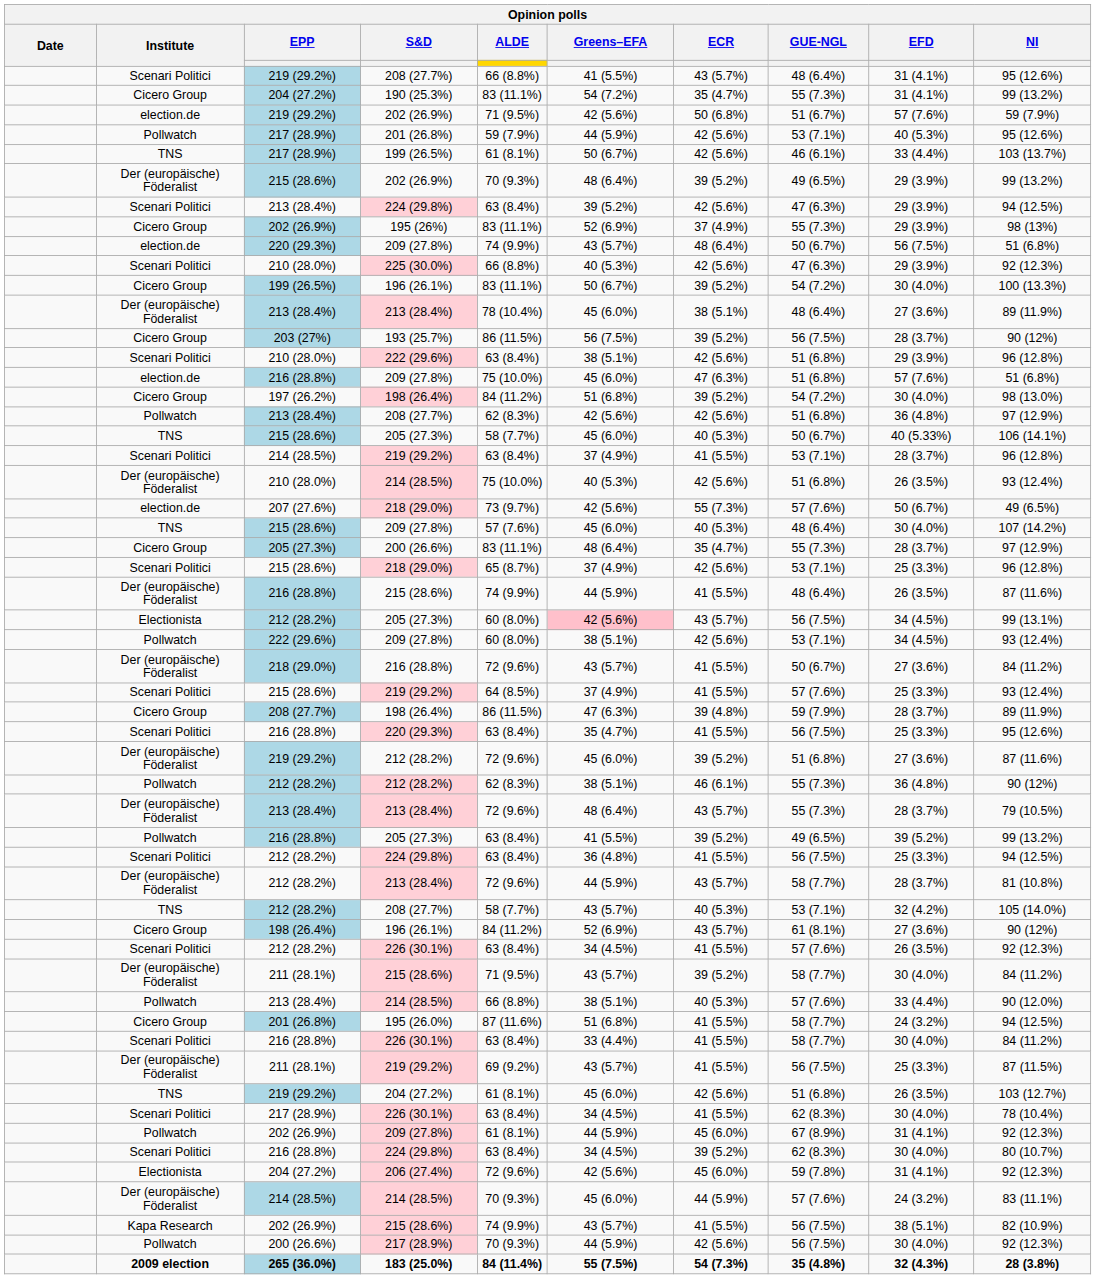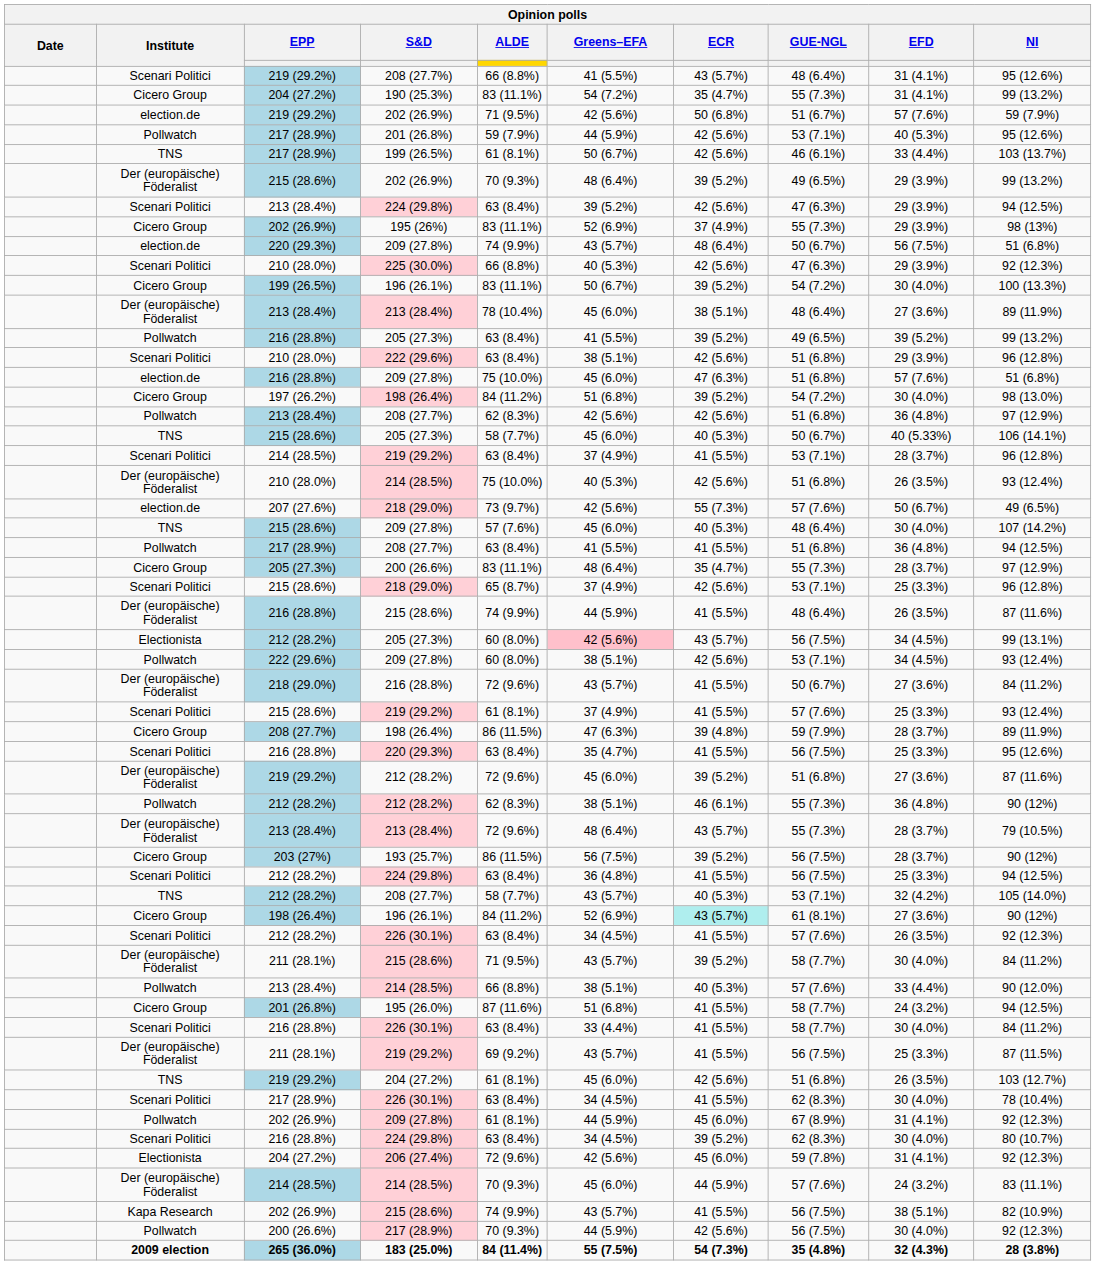 <table class="wikitable sortable collapsible collapsed" style="text-align:center; font-size:90%; line-height:16px; width:100%">
 <tr>
 <th colspan="10">Opinion polls</th>
 </tr>
 <tr style="height:42px; background:#e9e9e9;">
 <th style="width:100px;" rowspan="2">Date</th>
 <th style="width:165px;" rowspan="2">Institute</th>
 <th><a href='#'><span>EPP</span></a></th>
 <th><a href='#'><span>S&D</span></a></th>
 <th><a href='#'><span>ALDE</span></a></th>
 <th><a href='#'><span>Greens–EFA</span></a></th>
 <th><a href='#'><span>ECR</span></a></th>
 <th><a href='#'><span>GUE-NGL</span></a></th>
 <th><a href='#'><span>EFD</span></a></th>
 <th><a href='#'><span>NI</span></a></th>
 </tr>
 <tr>
 <th style="background:"></th>
 <th style="background:"></th>
 <th style="background:gold; width:75px;"></th>
 <th style="background:"></th>
 <th style="background:"></th>
 <th style="background:"></th>
 <th style="background:"></th>
 <th style="background:"></th>
 </tr>
 <tr>
 <td></td>
 <td>Scenari Politici</td>
 <td style="background:lightblue;">219 (29.2%)</td>
 <td>208 (27.7%)</td>
 <td>66 (8.8%)</td>
 <td>41 (5.5%)</td>
 <td>43 (5.7%)</td>
 <td>48 (6.4%)</td>
 <td>31 (4.1%)</td>
 <td>95 (12.6%)</td>
 </tr>
 <tr>
 <td></td>
 <td>Cicero Group</td>
 <td style="background:lightblue;">204 (27.2%)</td>
 <td>190 (25.3%)</td>
 <td>83 (11.1%)</td>
 <td>54 (7.2%)</td>
 <td>35 (4.7%)</td>
 <td>55 (7.3%)</td>
 <td>31 (4.1%)</td>
 <td>99 (13.2%)</td>
 </tr>
 <tr>
 <td></td>
 <td>election.de</td>
 <td style="background:lightblue;">219 (29.2%)</td>
 <td>202 (26.9%)</td>
 <td>71 (9.5%)</td>
 <td>42 (5.6%)</td>
 <td>50 (6.8%)</td>
 <td>51 (6.7%)</td>
 <td>57 (7.6%)</td>
 <td>59 (7.9%)</td>
 </tr>
 <tr>
 <td></td>
 <td>Pollwatch</td>
 <td style="background:lightblue;">217 (28.9%)</td>
 <td>201 (26.8%)</td>
 <td>59 (7.9%)</td>
 <td>44 (5.9%)</td>
 <td>42 (5.6%)</td>
 <td>53 (7.1%)</td>
 <td>40 (5.3%)</td>
 <td>95 (12.6%)</td>
 </tr>
 <tr>
 <td></td>
 <td>TNS</td>
 <td style="background:lightblue;">217 (28.9%)</td>
 <td>199 (26.5%)</td>
 <td>61 (8.1%)</td>
 <td>50 (6.7%)</td>
 <td>42 (5.6%)</td>
 <td>46 (6.1%)</td>
 <td>33 (4.4%)</td>
 <td>103 (13.7%)</td>
 </tr>
 <tr>
 <td></td>
 <td>Der (europäische) Föderalist</td>
 <td style="background:lightblue;">215 (28.6%)</td>
 <td>202 (26.9%)</td>
 <td>70 (9.3%)</td>
 <td>48 (6.4%)</td>
 <td>39 (5.2%)</td>
 <td>49 (6.5%)</td>
 <td>29 (3.9%)</td>
 <td>99 (13.2%)</td>
 </tr>
 <tr>
 <td></td>
 <td>Scenari Politici</td>
 <td>213 (28.4%)</td>
 <td style="background:#ffd0d7;">224 (29.8%)</td>
 <td>63 (8.4%)</td>
 <td>39 (5.2%)</td>
 <td>42 (5.6%)</td>
 <td>47 (6.3%)</td>
 <td>29 (3.9%)</td>
 <td>94 (12.5%)</td>
 </tr>
 <tr>
 <td></td>
 <td>Cicero Group</td>
 <td style="background:lightblue;">202 (26.9%)</td>
 <td>195 (26%)</td>
 <td>83 (11.1%)</td>
 <td>52 (6.9%)</td>
 <td>37 (4.9%)</td>
 <td>55 (7.3%)</td>
 <td>29 (3.9%)</td>
 <td>98 (13%)</td>
 </tr>
 <tr>
 <td></td>
 <td>election.de</td>
 <td style="background:lightblue;">220 (29.3%)</td>
 <td>209 (27.8%)</td>
 <td>74 (9.9%)</td>
 <td>43 (5.7%)</td>
 <td>48 (6.4%)</td>
 <td>50 (6.7%)</td>
 <td>56 (7.5%)</td>
 <td>51 (6.8%)</td>
 </tr>
 <tr>
 <td></td>
 <td>Scenari Politici</td>
 <td>210 (28.0%)</td>
 <td style="background:#ffd0d7;">225 (30.0%)</td>
 <td>66 (8.8%)</td>
 <td>40 (5.3%)</td>
 <td>42 (5.6%)</td>
 <td>47 (6.3%)</td>
 <td>29 (3.9%)</td>
 <td>92 (12.3%)</td>
 </tr>
 <tr>
 <td></td>
 <td>Cicero Group</td>
 <td style="background:lightblue;">199 (26.5%)</td>
 <td>196 (26.1%)</td>
 <td>83 (11.1%)</td>
 <td>50 (6.7%)</td>
 <td>39 (5.2%)</td>
 <td>54 (7.2%)</td>
 <td>30 (4.0%)</td>
 <td>100 (13.3%)</td>
 </tr>
 <tr>
 <td></td>
 <td>Der (europäische) Föderalist</td>
 <td style="background:lightblue;">213 (28.4%)</td>
 <td style="background:#ffd0d7;">213 (28.4%)</td>
 <td>78 (10.4%)</td>
 <td>45 (6.0%)</td>
 <td>38 (5.1%)</td>
 <td>48 (6.4%)</td>
 <td>27 (3.6%)</td>
 <td>89 (11.9%)</td>
 </tr>
 <tr>
 <td></td>
-<td>Cicero Group</td>
-<td style="background:lightblue;">203 (27%)</td>
-<td>193 (25.7%)</td>
-<td>86 (11.5%)</td>
-<td>56 (7.5%)</td>
+<td>Pollwatch</td>
+<td style="background:lightblue;">216 (28.8%)</td>
+<td>205 (27.3%)</td>
+<td>63 (8.4%)</td>
+<td>41 (5.5%)</td>
 <td>39 (5.2%)</td>
-<td>56 (7.5%)</td>
-<td>28 (3.7%)</td>
-<td>90 (12%)</td>
+<td>49 (6.5%)</td>
+<td>39 (5.2%)</td>
+<td>99 (13.2%)</td>
 </tr>
 <tr>
 <td></td>
 <td>Scenari Politici</td>
 <td>210 (28.0%)</td>
 <td style="background:#ffd0d7;">222 (29.6%)</td>
 <td>63 (8.4%)</td>
 <td>38 (5.1%)</td>
 <td>42 (5.6%)</td>
 <td>51 (6.8%)</td>
 <td>29 (3.9%)</td>
 <td>96 (12.8%)</td>
 </tr>
 <tr>
 <td></td>
 <td>election.de</td>
 <td style="background:lightblue;">216 (28.8%)</td>
 <td>209 (27.8%)</td>
 <td>75 (10.0%)</td>
 <td>45 (6.0%)</td>
 <td>47 (6.3%)</td>
 <td>51 (6.8%)</td>
 <td>57 (7.6%)</td>
 <td>51 (6.8%)</td>
 </tr>
 <tr>
 <td></td>
 <td>Cicero Group</td>
 <td>197 (26.2%)</td>
 <td style="background:#ffd0d7;">198 (26.4%)</td>
 <td>84 (11.2%)</td>
 <td>51 (6.8%)</td>
 <td>39 (5.2%)</td>
 <td>54 (7.2%)</td>
 <td>30 (4.0%)</td>
 <td>98 (13.0%)</td>
 </tr>
 <tr>
 <td></td>
 <td>Pollwatch</td>
 <td style="background:lightblue;">213 (28.4%)</td>
 <td>208 (27.7%)</td>
 <td>62 (8.3%)</td>
 <td>42 (5.6%)</td>
 <td>42 (5.6%)</td>
 <td>51 (6.8%)</td>
 <td>36 (4.8%)</td>
 <td>97 (12.9%)</td>
 </tr>
 <tr>
 <td></td>
 <td>TNS</td>
 <td style="background:lightblue;">215 (28.6%)</td>
 <td>205 (27.3%)</td>
 <td>58 (7.7%)</td>
 <td>45 (6.0%)</td>
 <td>40 (5.3%)</td>
 <td>50 (6.7%)</td>
 <td>40 (5.33%)</td>
 <td>106 (14.1%)</td>
 </tr>
 <tr>
 <td></td>
 <td>Scenari Politici</td>
 <td>214 (28.5%)</td>
 <td style="background:#ffd0d7;">219 (29.2%)</td>
 <td>63 (8.4%)</td>
 <td>37 (4.9%)</td>
 <td>41 (5.5%)</td>
 <td>53 (7.1%)</td>
 <td>28 (3.7%)</td>
 <td>96 (12.8%)</td>
 </tr>
 <tr>
 <td></td>
 <td>Der (europäische) Föderalist</td>
 <td>210 (28.0%)</td>
 <td style="background:#ffd0d7;">214 (28.5%)</td>
 <td>75 (10.0%)</td>
 <td>40 (5.3%)</td>
 <td>42 (5.6%)</td>
 <td>51 (6.8%)</td>
 <td>26 (3.5%)</td>
 <td>93 (12.4%)</td>
 </tr>
 <tr>
 <td></td>
 <td>election.de</td>
 <td>207 (27.6%)</td>
 <td style="background:#ffd0d7;">218 (29.0%)</td>
 <td>73 (9.7%)</td>
 <td>42 (5.6%)</td>
 <td>55 (7.3%)</td>
 <td>57 (7.6%)</td>
 <td>50 (6.7%)</td>
 <td>49 (6.5%)</td>
 </tr>
 <tr>
 <td></td>
 <td>TNS</td>
 <td style="background:lightblue;">215 (28.6%)</td>
 <td>209 (27.8%)</td>
 <td>57 (7.6%)</td>
 <td>45 (6.0%)</td>
 <td>40 (5.3%)</td>
 <td>48 (6.4%)</td>
 <td>30 (4.0%)</td>
 <td>107 (14.2%)</td>
 </tr>
 <tr>
 <td></td>
+<td>Pollwatch</td>
+<td style="background:lightblue;">217 (28.9%)</td>
+<td>208 (27.7%)</td>
+<td>63 (8.4%)</td>
+<td>41 (5.5%)</td>
+<td>41 (5.5%)</td>
+<td>51 (6.8%)</td>
+<td>36 (4.8%)</td>
+<td>94 (12.5%)</td>
+</tr>
+<tr>
+<td></td>
 <td>Cicero Group</td>
 <td style="background:lightblue;">205 (27.3%)</td>
 <td>200 (26.6%)</td>
 <td>83 (11.1%)</td>
 <td>48 (6.4%)</td>
 <td>35 (4.7%)</td>
 <td>55 (7.3%)</td>
 <td>28 (3.7%)</td>
 <td>97 (12.9%)</td>
 </tr>
 <tr>
 <td></td>
 <td>Scenari Politici</td>
 <td>215 (28.6%)</td>
 <td style="background:#ffd0d7;">218 (29.0%)</td>
 <td>65 (8.7%)</td>
 <td>37 (4.9%)</td>
 <td>42 (5.6%)</td>
 <td>53 (7.1%)</td>
 <td>25 (3.3%)</td>
 <td>96 (12.8%)</td>
 </tr>
 <tr>
 <td></td>
 <td>Der (europäische) Föderalist</td>
 <td style="background:lightblue;">216 (28.8%)</td>
 <td>215 (28.6%)</td>
 <td>74 (9.9%)</td>
 <td>44 (5.9%)</td>
 <td>41 (5.5%)</td>
 <td>48 (6.4%)</td>
 <td>26 (3.5%)</td>
 <td>87 (11.6%)</td>
 </tr>
 <tr>
 <td></td>
 <td>Electionista</td>
 <td style="background:lightblue;">212 (28.2%)</td>
 <td>205 (27.3%)</td>
 <td>60 (8.0%)</td>
 <td style="background: pink;">42 (5.6%)</td>
 <td>43 (5.7%)</td>
 <td>56 (7.5%)</td>
 <td>34 (4.5%)</td>
 <td>99 (13.1%)</td>
 </tr>
 <tr>
 <td></td>
 <td>Pollwatch</td>
 <td style="background:lightblue;">222 (29.6%)</td>
 <td>209 (27.8%)</td>
 <td>60 (8.0%)</td>
 <td>38 (5.1%)</td>
 <td>42 (5.6%)</td>
 <td>53 (7.1%)</td>
 <td>34 (4.5%)</td>
 <td>93 (12.4%)</td>
 </tr>
 <tr>
 <td></td>
 <td>Der (europäische) Föderalist</td>
 <td style="background:lightblue;">218 (29.0%)</td>
 <td>216 (28.8%)</td>
 <td>72 (9.6%)</td>
 <td>43 (5.7%)</td>
 <td>41 (5.5%)</td>
 <td>50 (6.7%)</td>
 <td>27 (3.6%)</td>
 <td>84 (11.2%)</td>
 </tr>
 <tr>
 <td></td>
 <td>Scenari Politici</td>
 <td>215 (28.6%)</td>
 <td style="background:#ffd0d7;">219 (29.2%)</td>
-<td>64 (8.5%)</td>
+<td>61 (8.1%)</td>
 <td>37 (4.9%)</td>
 <td>41 (5.5%)</td>
 <td>57 (7.6%)</td>
 <td>25 (3.3%)</td>
 <td>93 (12.4%)</td>
 </tr>
 <tr>
 <td></td>
 <td>Cicero Group</td>
 <td style="background:lightblue;">208 (27.7%)</td>
 <td>198 (26.4%)</td>
 <td>86 (11.5%)</td>
 <td>47 (6.3%)</td>
 <td>39 (4.8%)</td>
 <td>59 (7.9%)</td>
 <td>28 (3.7%)</td>
 <td>89 (11.9%)</td>
 </tr>
 <tr>
 <td></td>
 <td>Scenari Politici</td>
 <td>216 (28.8%)</td>
 <td style="background:#ffd0d7;">220 (29.3%)</td>
 <td>63 (8.4%)</td>
 <td>35 (4.7%)</td>
 <td>41 (5.5%)</td>
 <td>56 (7.5%)</td>
 <td>25 (3.3%)</td>
 <td>95 (12.6%)</td>
 </tr>
 <tr>
 <td></td>
 <td>Der (europäische) Föderalist</td>
 <td style="background:lightblue;">219 (29.2%)</td>
 <td>212 (28.2%)</td>
 <td>72 (9.6%)</td>
 <td>45 (6.0%)</td>
 <td>39 (5.2%)</td>
 <td>51 (6.8%)</td>
 <td>27 (3.6%)</td>
 <td>87 (11.6%)</td>
 </tr>
 <tr>
 <td></td>
 <td>Pollwatch</td>
 <td style="background:lightblue;">212 (28.2%)</td>
 <td style="background:#ffd0d7;">212 (28.2%)</td>
 <td>62 (8.3%)</td>
 <td>38 (5.1%)</td>
 <td>46 (6.1%)</td>
 <td>55 (7.3%)</td>
 <td>36 (4.8%)</td>
 <td>90 (12%)</td>
 </tr>
 <tr>
 <td></td>
 <td>Der (europäische) Föderalist</td>
 <td style="background:lightblue;">213 (28.4%)</td>
 <td style="background:#ffd0d7;">213 (28.4%)</td>
 <td>72 (9.6%)</td>
 <td>48 (6.4%)</td>
 <td>43 (5.7%)</td>
 <td>55 (7.3%)</td>
 <td>28 (3.7%)</td>
 <td>79 (10.5%)</td>
 </tr>
 <tr>
 <td></td>
-<td>Pollwatch</td>
-<td style="background:lightblue;">216 (28.8%)</td>
-<td>205 (27.3%)</td>
-<td>63 (8.4%)</td>
-<td>41 (5.5%)</td>
+<td>Cicero Group</td>
+<td style="background:lightblue;">203 (27%)</td>
+<td>193 (25.7%)</td>
+<td>86 (11.5%)</td>
+<td>56 (7.5%)</td>
 <td>39 (5.2%)</td>
-<td>49 (6.5%)</td>
-<td>39 (5.2%)</td>
-<td>99 (13.2%)</td>
+<td>56 (7.5%)</td>
+<td>28 (3.7%)</td>
+<td>90 (12%)</td>
 </tr>
 <tr>
 <td></td>
 <td>Scenari Politici</td>
 <td>212 (28.2%)</td>
 <td style="background:#ffd0d7;">224 (29.8%)</td>
 <td>63 (8.4%)</td>
 <td>36 (4.8%)</td>
 <td>41 (5.5%)</td>
 <td>56 (7.5%)</td>
 <td>25 (3.3%)</td>
 <td>94 (12.5%)</td>
-</tr>
-<tr>
-<td></td>
-<td>Der (europäische) Föderalist</td>
-<td>212 (28.2%)</td>
-<td style="background:#ffd0d7;">213 (28.4%)</td>
-<td>72 (9.6%)</td>
-<td>44 (5.9%)</td>
-<td>43 (5.7%)</td>
-<td>58 (7.7%)</td>
-<td>28 (3.7%)</td>
-<td>81 (10.8%)</td>
 </tr>
 <tr>
 <td></td>
 <td>TNS</td>
 <td style="background:lightblue;">212 (28.2%)</td>
 <td>208 (27.7%)</td>
 <td>58 (7.7%)</td>
 <td>43 (5.7%)</td>
 <td>40 (5.3%)</td>
 <td>53 (7.1%)</td>
 <td>32 (4.2%)</td>
 <td>105 (14.0%)</td>
 </tr>
 <tr>
 <td></td>
 <td>Cicero Group</td>
 <td style="background:lightblue;">198 (26.4%)</td>
 <td>196 (26.1%)</td>
 <td>84 (11.2%)</td>
 <td>52 (6.9%)</td>
-<td>43 (5.7%)</td>
+<td style="background: paleturquoise;">43 (5.7%)</td>
 <td>61 (8.1%)</td>
 <td>27 (3.6%)</td>
 <td>90 (12%)</td>
 </tr>
 <tr>
 <td></td>
 <td>Scenari Politici</td>
 <td>212 (28.2%)</td>
 <td style="background:#ffd0d7;">226 (30.1%)</td>
 <td>63 (8.4%)</td>
 <td>34 (4.5%)</td>
 <td>41 (5.5%)</td>
 <td>57 (7.6%)</td>
 <td>26 (3.5%)</td>
 <td>92 (12.3%)</td>
 </tr>
 <tr>
 <td></td>
 <td>Der (europäische) Föderalist</td>
 <td>211 (28.1%)</td>
 <td style="background:#ffd0d7;">215 (28.6%)</td>
 <td>71 (9.5%)</td>
 <td>43 (5.7%)</td>
 <td>39 (5.2%)</td>
 <td>58 (7.7%)</td>
 <td>30 (4.0%)</td>
 <td>84 (11.2%)</td>
 </tr>
 <tr>
 <td></td>
 <td>Pollwatch</td>
 <td>213 (28.4%)</td>
 <td style="background:#ffd0d7;">214 (28.5%)</td>
 <td>66 (8.8%)</td>
 <td>38 (5.1%)</td>
 <td>40 (5.3%)</td>
 <td>57 (7.6%)</td>
 <td>33 (4.4%)</td>
 <td>90 (12.0%)</td>
 </tr>
 <tr>
 <td></td>
 <td>Cicero Group</td>
 <td style="background:lightblue;">201 (26.8%)</td>
 <td>195 (26.0%)</td>
 <td>87 (11.6%)</td>
 <td>51 (6.8%)</td>
 <td>41 (5.5%)</td>
 <td>58 (7.7%)</td>
 <td>24 (3.2%)</td>
 <td>94 (12.5%)</td>
 </tr>
 <tr>
 <td></td>
 <td>Scenari Politici</td>
 <td>216 (28.8%)</td>
 <td style="background:#ffd0d7;">226 (30.1%)</td>
 <td>63 (8.4%)</td>
 <td>33 (4.4%)</td>
 <td>41 (5.5%)</td>
 <td>58 (7.7%)</td>
 <td>30 (4.0%)</td>
 <td>84 (11.2%)</td>
 </tr>
 <tr>
 <td></td>
 <td>Der (europäische) Föderalist</td>
 <td>211 (28.1%)</td>
 <td style="background:#ffd0d7;">219 (29.2%)</td>
 <td>69 (9.2%)</td>
 <td>43 (5.7%)</td>
 <td>41 (5.5%)</td>
 <td>56 (7.5%)</td>
 <td>25 (3.3%)</td>
 <td>87 (11.5%)</td>
 </tr>
 <tr>
 <td></td>
 <td>TNS</td>
 <td style="background:lightblue;">219 (29.2%)</td>
 <td>204 (27.2%)</td>
 <td>61 (8.1%)</td>
 <td>45 (6.0%)</td>
 <td>42 (5.6%)</td>
 <td>51 (6.8%)</td>
 <td>26 (3.5%)</td>
 <td>103 (12.7%)</td>
 </tr>
 <tr>
 <td></td>
 <td>Scenari Politici</td>
 <td>217 (28.9%)</td>
 <td style="background:#ffd0d7;">226 (30.1%)</td>
 <td>63 (8.4%)</td>
 <td>34 (4.5%)</td>
 <td>41 (5.5%)</td>
 <td>62 (8.3%)</td>
 <td>30 (4.0%)</td>
 <td>78 (10.4%)</td>
 </tr>
 <tr>
 <td></td>
 <td>Pollwatch</td>
 <td>202 (26.9%)</td>
 <td style="background:#ffd0d7;">209 (27.8%)</td>
 <td>61 (8.1%)</td>
 <td>44 (5.9%)</td>
 <td>45 (6.0%)</td>
 <td>67 (8.9%)</td>
 <td>31 (4.1%)</td>
 <td>92 (12.3%)</td>
 </tr>
 <tr>
 <td></td>
 <td>Scenari Politici</td>
 <td>216 (28.8%)</td>
 <td style="background:#ffd0d7;">224 (29.8%)</td>
 <td>63 (8.4%)</td>
 <td>34 (4.5%)</td>
 <td>39 (5.2%)</td>
 <td>62 (8.3%)</td>
 <td>30 (4.0%)</td>
 <td>80 (10.7%)</td>
 </tr>
 <tr>
 <td></td>
 <td>Electionista</td>
 <td>204 (27.2%)</td>
 <td style="background:#ffd0d7;">206 (27.4%)</td>
 <td>72 (9.6%)</td>
 <td>42 (5.6%)</td>
 <td>45 (6.0%)</td>
 <td>59 (7.8%)</td>
 <td>31 (4.1%)</td>
 <td>92 (12.3%)</td>
 </tr>
 <tr>
 <td></td>
 <td>Der (europäische) Föderalist</td>
 <td style="background:lightblue;">214 (28.5%)</td>
 <td style="background:#ffd0d7;">214 (28.5%)</td>
 <td>70 (9.3%)</td>
 <td>45 (6.0%)</td>
 <td>44 (5.9%)</td>
 <td>57 (7.6%)</td>
 <td>24 (3.2%)</td>
 <td>83 (11.1%)</td>
 </tr>
 <tr>
 <td></td>
 <td>Kapa Research</td>
 <td>202 (26.9%)</td>
 <td style="background:#ffd0d7;">215 (28.6%)</td>
 <td>74 (9.9%)</td>
 <td>43 (5.7%)</td>
 <td>41 (5.5%)</td>
 <td>56 (7.5%)</td>
 <td>38 (5.1%)</td>
 <td>82 (10.9%)</td>
 </tr>
 <tr>
 <td></td>
 <td>Pollwatch</td>
 <td>200 (26.6%)</td>
 <td style="background:#ffd0d7;">217 (28.9%)</td>
 <td>70 (9.3%)</td>
 <td>44 (5.9%)</td>
 <td>42 (5.6%)</td>
 <td>56 (7.5%)</td>
 <td>30 (4.0%)</td>
 <td>92 (12.3%)</td>
 </tr>
 <tr>
 <td></td>
 <td><strong>2009 election</strong></td>
 <td style="background:lightblue;"><strong>265 (36.0%)</strong></td>
 <td><strong>183 (25.0%)</strong></td>
 <td><strong>84 (11.4%)</strong></td>
 <td><strong>55 (7.5%)</strong></td>
 <td><strong>54 (7.3%)</strong></td>
 <td><strong>35 (4.8%)</strong></td>
 <td><strong>32 (4.3%)</strong></td>
 <td><strong>28 (3.8%)</strong></td>
 </tr>
 </table>
